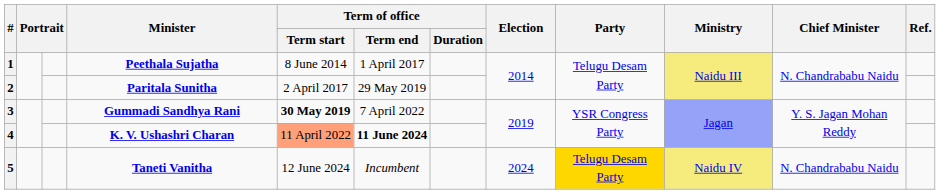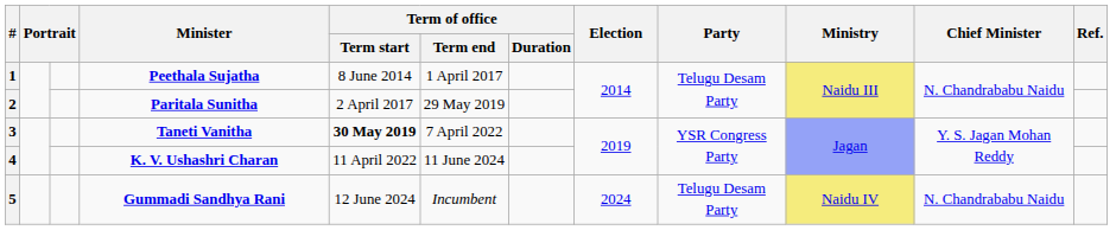 <table class="wikitable" style="line-height:1.4em; text-align:center">
 <tr>
 <th rowspan=2>#</th>
 <th rowspan=2 colspan="2">Portrait</th>
 <th rowspan=2 style="width:16em">Minister<br></th>
 <th colspan="3">Term of office</th>
 <th rowspan=2 style="width:5em">Election<br></th>
 <th rowspan=2 style="width:8em">Party</th>
 <th rowspan=2 style="width:8em">Ministry</th>
 <th rowspan=2 style="width:10em">Chief Minister</th>
 <th rowspan=2>Ref.</th>
 </tr>
 <tr>
 <th>Term start</th>
 <th>Term end</th>
 <th>Duration</th>
 </tr>
 <tr>
 <th>1</th>
 <td rowspan=2></td>
 <td></td>
 <td><strong><a href='#'>Peethala Sujatha</a></strong><br></td>
 <td>8 June 2014</td>
 <td>1 April 2017</td>
 <td><strong></strong></td>
 <td rowspan=2><a href='#'>2014</a><br></td>
 <td rowspan=2><a href='#'>Telugu Desam Party</a></td>
 <td rowspan=2 bgcolor="#F5EC7D"><a href='#'>Naidu III</a></td>
 <td rowspan=2><a href='#'>N. Chandrababu Naidu</a></td>
 <td></td>
 </tr>
 <tr>
 <th>2</th>
 <td></td>
 <td><strong><a href='#'>Paritala Sunitha</a></strong><br></td>
 <td>2 April 2017</td>
 <td>29 May 2019</td>
 <td><strong></strong></td>
 <td></td>
 </tr>
 <tr>
 <th>3</th>
 <td rowspan=2></td>
 <td></td>
-<td><strong><a href='#'>Gummadi Sandhya Rani</a></strong><br></td>
+<td><strong><a href='#'>Taneti Vanitha</a></strong><br></td>
 <td><strong>30 May 2019</strong></td>
 <td>7 April 2022</td>
 <td><strong></strong></td>
 <td rowspan=2><a href='#'>2019</a><br></td>
 <td rowspan="2"><a href='#'>YSR Congress Party</a></td>
 <td rowspan=2 bgcolor="#94A2F7"><a href='#'>Jagan</a></td>
 <td rowspan="2"><a href='#'>Y. S. Jagan Mohan Reddy</a></td>
 <td></td>
 </tr>
 <tr>
 <th>4</th>
 <td></td>
 <td><strong><a href='#'>K. V. Ushashri Charan</a></strong><br></td>
-<td style="background: lightsalmon;">11 April 2022</td>
-<td><strong>11 June 2024</strong></td>
+<td>11 April 2022</td>
+<td>11 June 2024</td>
 <td><strong></strong></td>
 <td></td>
 </tr>
 <tr>
 <th>5</th>
 <td></td>
 <td></td>
-<td><strong><a href='#'>Taneti Vanitha</a></strong><br></td>
+<td><strong><a href='#'>Gummadi Sandhya Rani</a></strong><br></td>
 <td>12 June 2024</td>
 <td><em>Incumbent</em></td>
 <td><strong></strong></td>
 <td><a href='#'>2024</a><br></td>
-<td style="background: gold;"><a href='#'>Telugu Desam Party</a></td>
+<td><a href='#'>Telugu Desam Party</a></td>
 <td bgcolor="#F5EC7D"><a href='#'>Naidu IV</a></td>
 <td><a href='#'>N. Chandrababu Naidu</a></td>
 <td></td>
 </tr>
 </table>
